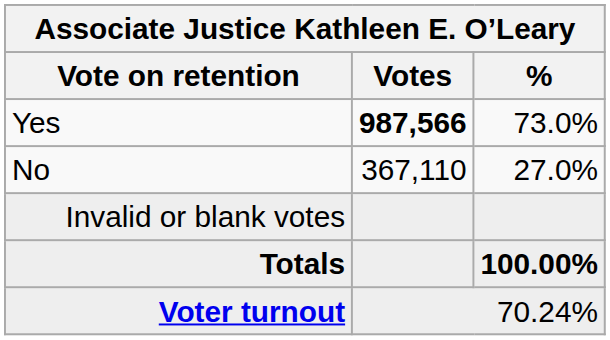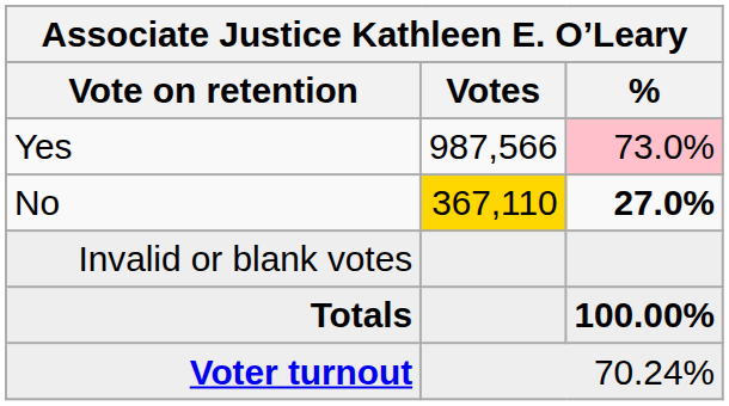 <table class="wikitable" style="font-size: 95%;">
 <tr style="background-color:#E9E9E9">
 <th colspan=7>Associate Justice Kathleen E. O’Leary</th>
 </tr>
 <tr style="background-color:#E9E9E9">
 <th style="width: 170px">Vote on retention</th>
 <th style="width: 50px">Votes</th>
 <th style="width: 40px">%</th>
 </tr>
 <tr>
 <td>Yes</td>
-<td align="right"><strong>987,566</strong></td>
-<td align="right">73.0%</td>
+<td align="right">987,566</td>
+<td align="right" style="background: pink;">73.0%</td>
 </tr>
 <tr>
 <td>No</td>
-<td align="right">367,110</td>
-<td align="right">27.0%</td>
+<td align="right" style="background: gold;">367,110</td>
+<td align="right"><strong>27.0%</strong></td>
 </tr>
 <tr bgcolor="#EEEEEE">
 <td align="right">Invalid or blank votes</td>
 <td align="right"></td>
 <td align="right"></td>
 </tr>
 <tr bgcolor="#EEEEEE">
 <td align="right"><strong>Totals</strong></td>
 <td align="right"><strong></strong></td>
 <td align="right"><strong>100.00%</strong></td>
 </tr>
 <tr bgcolor="#EEEEEE">
 <td align="right"><strong><a href='#'>Voter turnout</a></strong></td>
 <td colspan="2" align="right">70.24%</td>
 </tr>
 </table>
